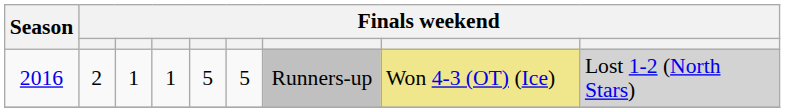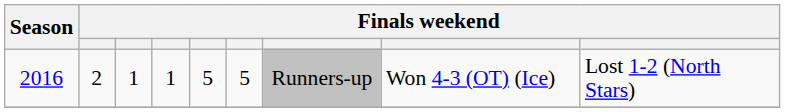 <table class="wikitable" style="text-align: center">
 <tr>
 <th rowspan="2" style="width:40px">Season</th>
 <th colspan="8">Finals weekend</th>
 </tr>
 <tr>
 <th width="20px"></th>
 <th width="20px"></th>
 <th width="20px"></th>
 <th width="20px"></th>
 <th width="20px"></th>
 <th width="80px"></th>
 <th width="140px"></th>
 <th width="140px"></th>
 </tr>
 <tr>
 <td><a href='#'>2016</a></td>
 <td>2</td>
 <td>1</td>
 <td>1</td>
 <td>5</td>
 <td>5</td>
 <td bgcolor="silver">Runners-up</td>
-<td align="left" style="background: khaki;">Won <a href='#'>4-3 (OT)</a> (<a href='#'>Ice</a>)</td>
-<td align="left" style="background: lightgrey;">Lost <a href='#'>1-2</a> (<a href='#'>North Stars</a>)</td>
+<td align="left">Won <a href='#'>4-3 (OT)</a> (<a href='#'>Ice</a>)</td>
+<td align="left">Lost <a href='#'>1-2</a> (<a href='#'>North Stars</a>)</td>
 </tr>
 <tr>
 </tr>
 </table>
